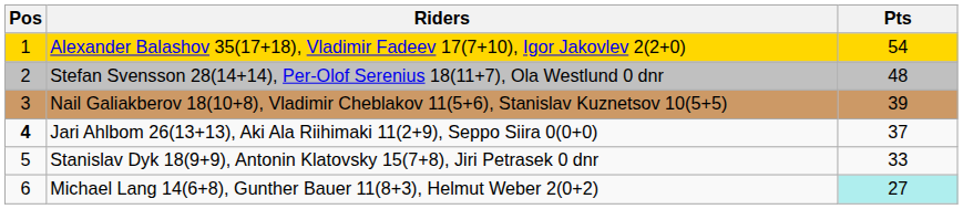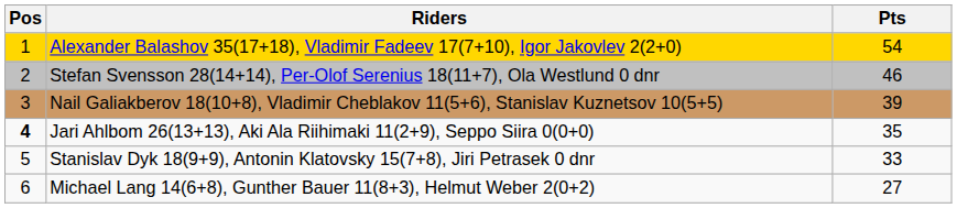 <table class="wikitable" style="font-size: 100%">
 <tr>
 <th width=20>Pos</th>
 <th width=700>Riders</th>
 <th width=100>Pts</th>
 </tr>
 <tr align=center style="background-color: gold;">
 <td>1</td>
 <td align="left"> <a href='#'>Alexander Balashov</a> 35(17+18), <a href='#'>Vladimir Fadeev</a> 17(7+10), <a href='#'>Igor Jakovlev</a> 2(2+0)</td>
 <td>54</td>
 </tr>
 <tr align=center style="background-color: silver;">
 <td>2</td>
 <td align="left"> Stefan Svensson 28(14+14), <a href='#'>Per-Olof Serenius</a> 18(11+7), Ola Westlund 0 dnr</td>
-<td>48</td>
+<td>46</td>
 </tr>
 <tr align=center style="background-color: #cc9966;">
 <td>3</td>
 <td align="left"> Nail Galiakberov 18(10+8), Vladimir Cheblakov 11(5+6), Stanislav Kuznetsov 10(5+5)</td>
 <td>39</td>
 </tr>
 <tr align=center>
 <td><strong>4</strong></td>
 <td align="left"> Jari Ahlbom 26(13+13), Aki Ala Riihimaki 11(2+9), Seppo Siira 0(0+0)</td>
-<td>37</td>
+<td>35</td>
 </tr>
 <tr align=center>
 <td>5</td>
 <td align="left"> Stanislav Dyk 18(9+9), Antonin Klatovsky 15(7+8), Jiri Petrasek 0 dnr</td>
 <td>33</td>
 </tr>
 <tr align=center>
 <td>6</td>
 <td align="left"> Michael Lang 14(6+8), Gunther Bauer 11(8+3), Helmut Weber 2(0+2)</td>
-<td style="background: paleturquoise;">27</td>
+<td>27</td>
 </tr>
 </table>
